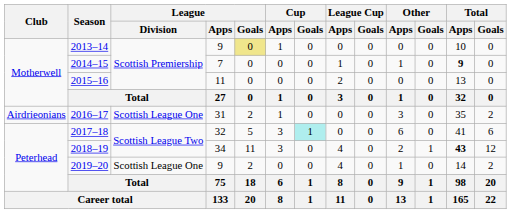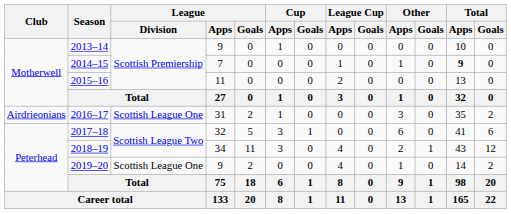 <table class="wikitable" style="text-align: center">
 <tr>
 <th rowspan="2">Club</th>
 <th rowspan="2">Season</th>
 <th colspan="3">League</th>
 <th colspan="2">Cup</th>
 <th colspan="2">League Cup</th>
 <th colspan="2">Other</th>
 <th colspan="2">Total</th>
 </tr>
 <tr>
 <th>Division</th>
 <th>Apps</th>
 <th>Goals</th>
 <th>Apps</th>
 <th>Goals</th>
 <th>Apps</th>
 <th>Goals</th>
 <th>Apps</th>
 <th>Goals</th>
 <th>Apps</th>
 <th>Goals</th>
 </tr>
 <tr>
 <td rowspan="4"><a href='#'>Motherwell</a></td>
 <td><a href='#'>2013–14</a></td>
 <td rowspan="3"><a href='#'>Scottish Premiership</a></td>
 <td>9</td>
-<td style="background: khaki;">0</td>
+<td>0</td>
 <td>1</td>
 <td>0</td>
 <td>0</td>
 <td>0</td>
 <td>0</td>
 <td>0</td>
 <td>10</td>
 <td>0</td>
 </tr>
 <tr>
 <td><a href='#'>2014–15</a></td>
 <td>7</td>
 <td>0</td>
 <td>0</td>
 <td>0</td>
 <td>1</td>
 <td>0</td>
 <td>1</td>
 <td>0</td>
 <td><strong>9</strong></td>
 <td>0</td>
 </tr>
 <tr>
 <td><a href='#'>2015–16</a></td>
 <td>11</td>
 <td>0</td>
 <td>0</td>
 <td>0</td>
 <td>2</td>
 <td>0</td>
 <td>0</td>
 <td>0</td>
 <td>13</td>
 <td>0</td>
 </tr>
 <tr>
 <th colspan="2">Total</th>
 <th>27</th>
 <th>0</th>
 <th>1</th>
 <th>0</th>
 <th>3</th>
 <th>0</th>
 <th>1</th>
 <th>0</th>
 <th>32</th>
 <th>0</th>
 </tr>
 <tr>
 <td><a href='#'>Airdrieonians</a></td>
 <td><a href='#'>2016–17</a></td>
 <td><a href='#'>Scottish League One</a></td>
 <td>31</td>
 <td>2</td>
 <td>1</td>
 <td>0</td>
 <td>0</td>
 <td>0</td>
 <td>3</td>
 <td>0</td>
 <td>35</td>
 <td>2</td>
 </tr>
 <tr>
 <td rowspan=4><a href='#'>Peterhead</a></td>
 <td><a href='#'>2017–18</a></td>
 <td rowspan=2><a href='#'>Scottish League Two</a></td>
 <td>32</td>
 <td>5</td>
 <td>3</td>
-<td style="background: paleturquoise;">1</td>
+<td>1</td>
 <td>0</td>
 <td>0</td>
 <td>6</td>
 <td>0</td>
 <td>41</td>
 <td>6</td>
 </tr>
 <tr>
 <td><a href='#'>2018–19</a></td>
 <td>34</td>
 <td>11</td>
 <td>3</td>
 <td>0</td>
 <td>4</td>
 <td>0</td>
 <td>2</td>
 <td>1</td>
-<td><strong>43</strong></td>
+<td>43</td>
 <td>12</td>
 </tr>
 <tr>
 <td><a href='#'>2019–20</a></td>
 <td>Scottish League One</td>
 <td>9</td>
 <td>2</td>
 <td>0</td>
 <td>0</td>
 <td>4</td>
 <td>0</td>
 <td>1</td>
 <td>0</td>
 <td>14</td>
 <td>2</td>
 </tr>
 <tr>
 <th colspan=2>Total</th>
 <th>75</th>
 <th>18</th>
 <th>6</th>
 <th>1</th>
 <th>8</th>
 <th>0</th>
 <th>9</th>
 <th>1</th>
 <th>98</th>
 <th>20</th>
 </tr>
 <tr>
 <th colspan="3">Career total</th>
 <th>133</th>
 <th>20</th>
 <th>8</th>
 <th>1</th>
 <th>11</th>
 <th>0</th>
 <th>13</th>
 <th>1</th>
 <th>165</th>
 <th>22</th>
 </tr>
 </table>
